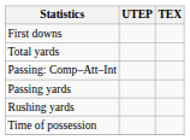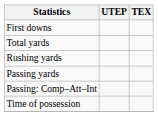 <table class="wikitable" style="float: left;">
 <tr>
 <th>Statistics</th>
 <th>UTEP</th>
 <th>TEX</th>
 </tr>
 <tr>
 <td>First downs</td>
 <td></td>
 <td></td>
 </tr>
 <tr>
 <td>Total yards</td>
 <td></td>
 <td></td>
 </tr>
 <tr>
-<td>Passing: Comp–Att–Int</td>
+<td>Rushing yards</td>
 <td></td>
 <td></td>
 </tr>
 <tr>
 <td>Passing yards</td>
 <td></td>
 <td></td>
 </tr>
 <tr>
-<td>Rushing yards</td>
+<td>Passing: Comp–Att–Int</td>
 <td></td>
 <td></td>
 </tr>
 <tr>
 <td>Time of possession</td>
 <td></td>
 <td></td>
 </tr>
 <tr>
 </tr>
 </table>
